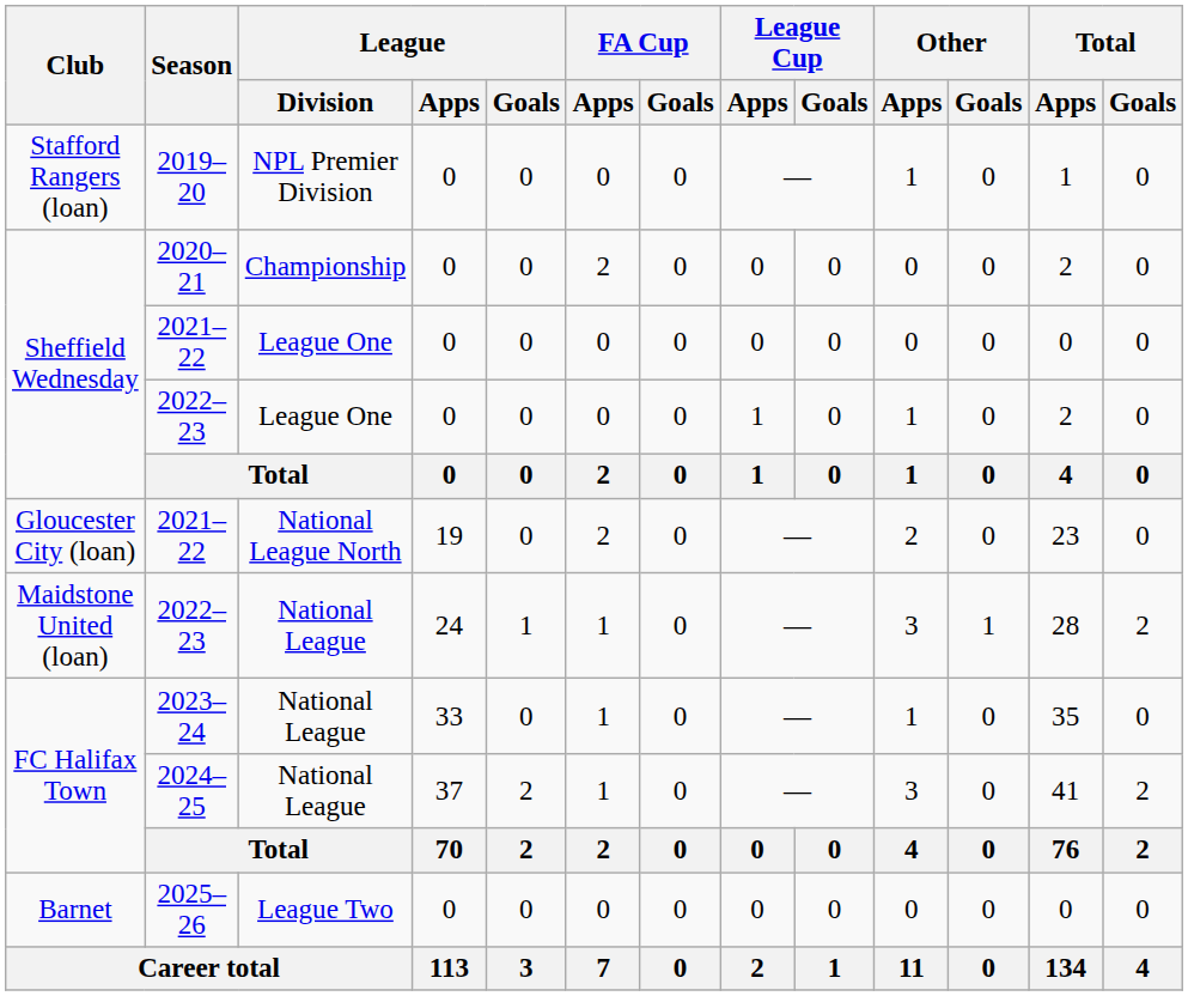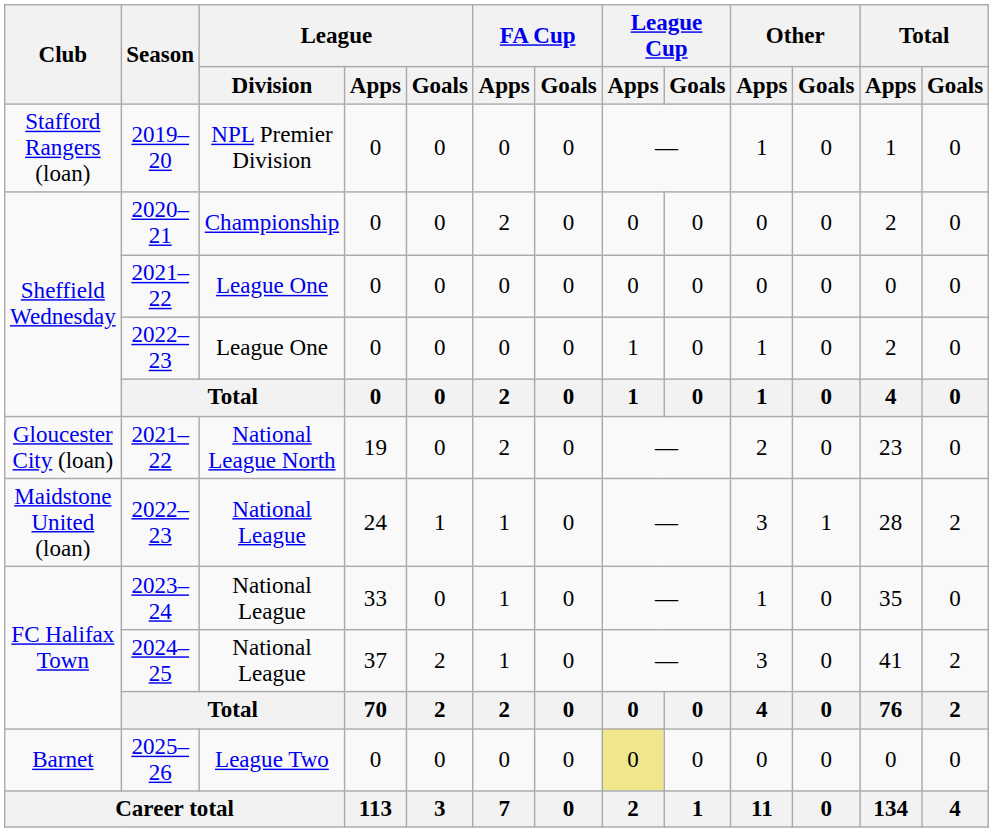 <table class=wikitable style="text-align: center;">
 <tr>
 <th rowspan=2>Club</th>
 <th rowspan=2>Season</th>
 <th colspan=3>League</th>
 <th colspan=2><a href='#'>FA Cup</a></th>
 <th colspan=2><a href='#'>League Cup</a></th>
 <th colspan=2>Other</th>
 <th colspan=2>Total</th>
 </tr>
 <tr>
 <th>Division</th>
 <th>Apps</th>
 <th>Goals</th>
 <th>Apps</th>
 <th>Goals</th>
 <th>Apps</th>
 <th>Goals</th>
 <th>Apps</th>
 <th>Goals</th>
 <th>Apps</th>
 <th>Goals</th>
 </tr>
 <tr>
 <td><a href='#'>Stafford Rangers</a> (loan)</td>
 <td><a href='#'>2019–20</a></td>
 <td><a href='#'>NPL</a> Premier Division</td>
 <td>0</td>
 <td>0</td>
 <td>0</td>
 <td>0</td>
 <td colspan=2>—</td>
 <td>1</td>
 <td>0</td>
 <td>1</td>
 <td>0</td>
 </tr>
 <tr>
 <td rowspan="4"><a href='#'>Sheffield Wednesday</a></td>
 <td><a href='#'>2020–21</a></td>
 <td><a href='#'>Championship</a></td>
 <td>0</td>
 <td>0</td>
 <td>2</td>
 <td>0</td>
 <td>0</td>
 <td>0</td>
 <td>0</td>
 <td>0</td>
 <td>2</td>
 <td>0</td>
 </tr>
 <tr>
 <td><a href='#'>2021–22</a></td>
 <td><a href='#'>League One</a></td>
 <td>0</td>
 <td>0</td>
 <td>0</td>
 <td>0</td>
 <td>0</td>
 <td>0</td>
 <td>0</td>
 <td>0</td>
 <td>0</td>
 <td>0</td>
 </tr>
 <tr>
 <td><a href='#'>2022–23</a></td>
 <td>League One</td>
 <td>0</td>
 <td>0</td>
 <td>0</td>
 <td>0</td>
 <td>1</td>
 <td>0</td>
 <td>1</td>
 <td>0</td>
 <td>2</td>
 <td>0</td>
 </tr>
 <tr>
 <th colspan="2">Total</th>
 <th>0</th>
 <th>0</th>
 <th>2</th>
 <th>0</th>
 <th>1</th>
 <th>0</th>
 <th>1</th>
 <th>0</th>
 <th>4</th>
 <th>0</th>
 </tr>
 <tr>
 <td><a href='#'>Gloucester City</a> (loan)</td>
 <td><a href='#'>2021–22</a></td>
 <td><a href='#'>National League North</a></td>
 <td>19</td>
 <td>0</td>
 <td>2</td>
 <td>0</td>
 <td colspan=2>—</td>
 <td>2</td>
 <td>0</td>
 <td>23</td>
 <td>0</td>
 </tr>
 <tr>
 <td><a href='#'>Maidstone United</a> (loan)</td>
 <td><a href='#'>2022–23</a></td>
 <td><a href='#'>National League</a></td>
 <td>24</td>
 <td>1</td>
 <td>1</td>
 <td>0</td>
 <td colspan=2>—</td>
 <td>3</td>
 <td>1</td>
 <td>28</td>
 <td>2</td>
 </tr>
 <tr>
 <td rowspan="3"><a href='#'>FC Halifax Town</a></td>
 <td><a href='#'>2023–24</a></td>
 <td>National League</td>
 <td>33</td>
 <td>0</td>
 <td>1</td>
 <td>0</td>
 <td colspan=2>—</td>
 <td>1</td>
 <td>0</td>
 <td>35</td>
 <td>0</td>
 </tr>
 <tr>
 <td><a href='#'>2024–25</a></td>
 <td>National League</td>
 <td>37</td>
 <td>2</td>
 <td>1</td>
 <td>0</td>
 <td colspan=2>—</td>
 <td>3</td>
 <td>0</td>
 <td>41</td>
 <td>2</td>
 </tr>
 <tr>
 <th colspan="2">Total</th>
 <th>70</th>
 <th>2</th>
 <th>2</th>
 <th>0</th>
 <th>0</th>
 <th>0</th>
 <th>4</th>
 <th>0</th>
 <th>76</th>
 <th>2</th>
 </tr>
 <tr>
 <td><a href='#'>Barnet</a></td>
 <td><a href='#'>2025–26</a></td>
 <td><a href='#'>League Two</a></td>
 <td>0</td>
 <td>0</td>
 <td>0</td>
 <td>0</td>
-<td>0</td>
+<td style="background: khaki;">0</td>
 <td>0</td>
 <td>0</td>
 <td>0</td>
 <td>0</td>
 <td>0</td>
 </tr>
 <tr>
 <th colspan="3">Career total</th>
 <th>113</th>
 <th>3</th>
 <th>7</th>
 <th>0</th>
 <th>2</th>
 <th>1</th>
 <th>11</th>
 <th>0</th>
 <th>134</th>
 <th>4</th>
 </tr>
 </table>
